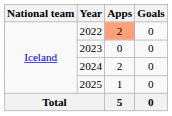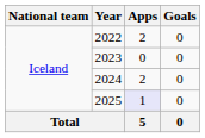 <table class="wikitable" style="text-align:center">
 <tr>
 <th>National team</th>
 <th>Year</th>
 <th>Apps</th>
 <th>Goals</th>
 </tr>
 <tr>
 <td rowspan="4"><a href='#'>Iceland</a></td>
 <td>2022</td>
-<td style="background: lightsalmon;">2</td>
+<td>2</td>
 <td>0</td>
 </tr>
 <tr>
 <td>2023</td>
 <td>0</td>
 <td>0</td>
 </tr>
 <tr>
 <td>2024</td>
 <td>2</td>
 <td>0</td>
 </tr>
 <tr>
 <td>2025</td>
-<td>1</td>
+<td style="background: lavender;">1</td>
 <td>0</td>
 </tr>
 <tr>
 <th colspan="2">Total</th>
 <th>5</th>
 <th>0</th>
 </tr>
 </table>
